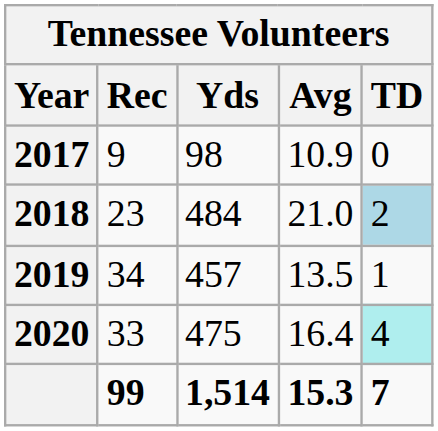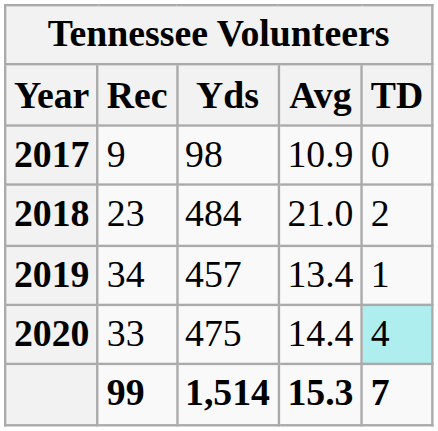 <table class="wikitable sortable">
 <tr>
 <th colspan="15">Tennessee Volunteers</th>
 </tr>
 <tr>
 <th>Year</th>
 <th>Rec</th>
 <th>Yds</th>
 <th>Avg</th>
 <th>TD</th>
 </tr>
 <tr>
 <th>2017</th>
 <td>9</td>
 <td>98</td>
 <td>10.9</td>
 <td>0</td>
 </tr>
 <tr>
 <th>2018</th>
 <td>23</td>
 <td>484</td>
 <td>21.0</td>
-<td style="background: lightblue;">2</td>
+<td>2</td>
 </tr>
 <tr>
 <th>2019</th>
 <td>34</td>
 <td>457</td>
-<td>13.5</td>
+<td>13.4</td>
 <td>1</td>
 </tr>
 <tr>
 <th>2020</th>
 <td>33</td>
 <td>475</td>
-<td>16.4</td>
+<td>14.4</td>
 <td style="background: paleturquoise;">4</td>
 </tr>
 <tr>
 <th><strong></strong></th>
 <td><strong>99</strong></td>
 <td><strong>1,514</strong></td>
 <td><strong>15.3</strong></td>
 <td><strong>7</strong></td>
 </tr>
 </table>
